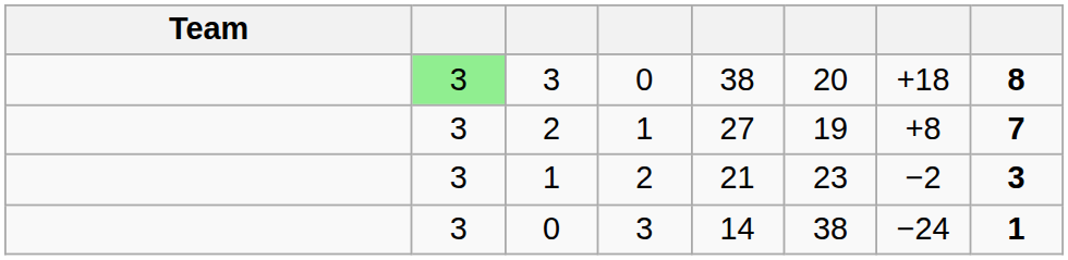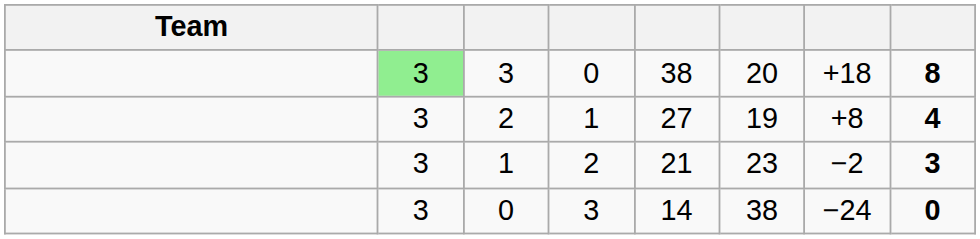 <table class=wikitable style="text-align:center">
 <tr>
 <th width=200>Team</th>
 <th width=40></th>
 <th width=40></th>
 <th width=40></th>
 <th width=40></th>
 <th width=40></th>
 <th width=40></th>
 <th width=40></th>
 </tr>
 <tr>
 <td align=left></td>
 <td style="background: lightgreen;">3</td>
 <td>3</td>
 <td>0</td>
 <td>38</td>
 <td>20</td>
 <td>+18</td>
 <td><strong>8</strong></td>
 </tr>
 <tr>
 <td align=left></td>
 <td>3</td>
 <td>2</td>
 <td>1</td>
 <td>27</td>
 <td>19</td>
 <td>+8</td>
-<td><strong>7</strong></td>
+<td><strong>4</strong></td>
 </tr>
 <tr>
 <td align=left></td>
 <td>3</td>
 <td>1</td>
 <td>2</td>
 <td>21</td>
 <td>23</td>
 <td>−2</td>
 <td><strong>3</strong></td>
 </tr>
 <tr>
 <td align=left></td>
 <td>3</td>
 <td>0</td>
 <td>3</td>
 <td>14</td>
 <td>38</td>
 <td>−24</td>
-<td><strong>1</strong></td>
+<td><strong>0</strong></td>
 </tr>
 </table>
